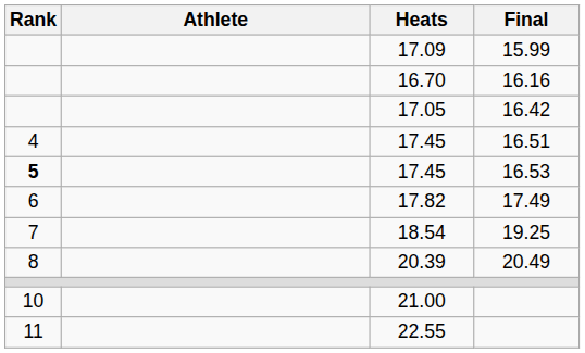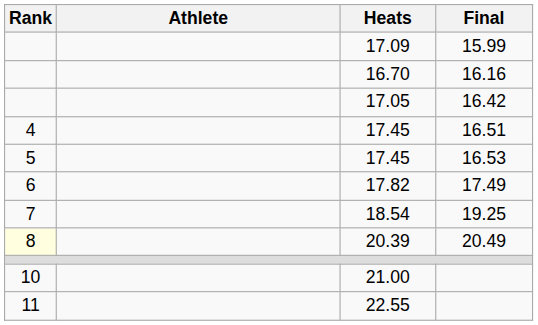 <table class=wikitable style="text-align:center">
 <tr>
 <th width=40>Rank</th>
 <th width=250>Athlete</th>
 <th width=80>Heats</th>
 <th width=80>Final</th>
 </tr>
 <tr>
 <td></td>
 <td align=left></td>
 <td>17.09</td>
 <td>15.99</td>
 </tr>
 <tr>
 <td></td>
 <td align=left></td>
 <td>16.70</td>
 <td>16.16</td>
 </tr>
 <tr>
 <td></td>
 <td align=left></td>
 <td>17.05</td>
 <td>16.42</td>
 </tr>
 <tr>
 <td>4</td>
 <td align=left></td>
 <td>17.45</td>
 <td>16.51</td>
 </tr>
 <tr>
-<td><strong>5</strong></td>
+<td>5</td>
 <td align=left></td>
 <td>17.45</td>
 <td>16.53</td>
 </tr>
 <tr>
 <td>6</td>
 <td align=left></td>
 <td>17.82</td>
 <td>17.49</td>
 </tr>
 <tr>
 <td>7</td>
 <td align=left></td>
 <td>18.54</td>
 <td>19.25</td>
 </tr>
 <tr>
-<td>8</td>
+<td style="background: lightyellow;">8</td>
 <td align=left></td>
 <td>20.39</td>
 <td>20.49</td>
 </tr>
 <tr bgcolor=#DDDDDD>
 <td colspan=4></td>
 </tr>
 <tr>
 <td>10</td>
 <td align=left></td>
 <td>21.00</td>
 <td></td>
 </tr>
 <tr>
 <td>11</td>
 <td align=left></td>
 <td>22.55</td>
 <td></td>
 </tr>
 </table>
